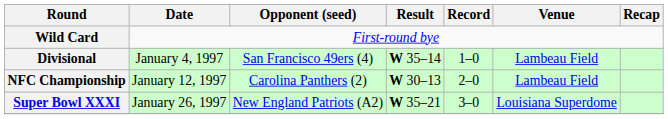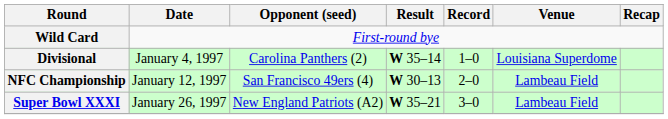 <table class="wikitable" style="text-align:center">
 <tr>
 <th>Round</th>
 <th>Date</th>
 <th>Opponent (seed)</th>
 <th>Result</th>
 <th>Record</th>
 <th>Venue</th>
 <th>Recap</th>
 </tr>
 <tr>
 <th>Wild Card</th>
 <td colspan=7><em><a href='#'>First-round bye</a></em></td>
 </tr>
 <tr style="background: #cfc;">
 <th>Divisional</th>
 <td>January 4, 1997</td>
-<td><a href='#'>San Francisco 49ers</a> (4)</td>
+<td><a href='#'>Carolina Panthers</a> (2)</td>
 <td><strong>W</strong> 35–14</td>
 <td>1–0</td>
-<td><a href='#'>Lambeau Field</a></td>
+<td><a href='#'>Louisiana Superdome</a></td>
 <td></td>
 </tr>
 <tr style="background: #cfc;">
 <th>NFC Championship</th>
 <td>January 12, 1997</td>
-<td><a href='#'>Carolina Panthers</a> (2)</td>
+<td><a href='#'>San Francisco 49ers</a> (4)</td>
 <td><strong>W</strong> 30–13</td>
 <td>2–0</td>
 <td><a href='#'>Lambeau Field</a></td>
 <td></td>
 </tr>
 <tr style="background: #cfc;">
 <th><a href='#'>Super Bowl XXXI</a></th>
 <td>January 26, 1997</td>
 <td><a href='#'>New England Patriots</a> (A2)</td>
 <td><strong>W</strong> 35–21</td>
 <td>3–0</td>
-<td><a href='#'>Louisiana Superdome</a></td>
+<td><a href='#'>Lambeau Field</a></td>
 <td></td>
 </tr>
 <tr>
 </tr>
 </table>
